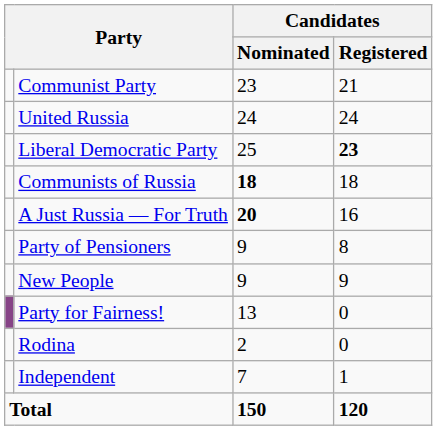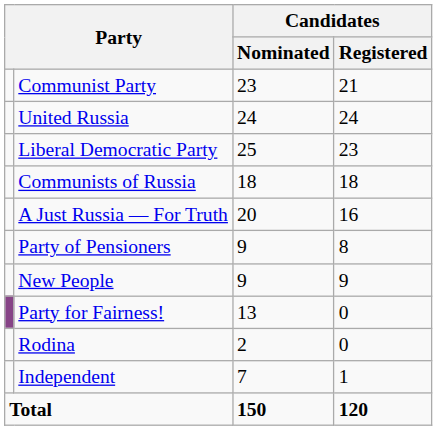 <table class="wikitable sortable" style="background: #f9f9f9; text-align:left; font-size: 95%">
 <tr>
 <th align=center rowspan=2 colspan=2>Party</th>
 <th align=center colspan=2>Candidates</th>
 </tr>
 <tr>
 <th align=center>Nominated</th>
 <th align=center>Registered</th>
 </tr>
 <tr>
 <td></td>
 <td><a href='#'>Communist Party</a></td>
 <td>23</td>
 <td>21</td>
 </tr>
 <tr>
 <td></td>
 <td><a href='#'>United Russia</a></td>
 <td>24</td>
 <td>24</td>
 </tr>
 <tr>
 <td></td>
 <td><a href='#'>Liberal Democratic Party</a></td>
 <td>25</td>
-<td><strong>23</strong></td>
+<td>23</td>
 </tr>
 <tr>
 <td></td>
 <td><a href='#'>Communists of Russia</a></td>
-<td><strong>18</strong></td>
+<td>18</td>
 <td>18</td>
 </tr>
 <tr>
 <td></td>
 <td><a href='#'>A Just Russia — For Truth</a></td>
-<td><strong>20</strong></td>
+<td>20</td>
 <td>16</td>
 </tr>
 <tr>
 <td></td>
 <td><a href='#'>Party of Pensioners</a></td>
 <td>9</td>
 <td>8</td>
 </tr>
 <tr>
 <td></td>
 <td><a href='#'>New People</a></td>
 <td>9</td>
 <td>9</td>
 </tr>
 <tr>
 <td bgcolor="#864386"></td>
 <td><a href='#'>Party for Fairness!</a></td>
 <td>13</td>
 <td>0</td>
 </tr>
 <tr>
 <td></td>
 <td><a href='#'>Rodina</a></td>
 <td>2</td>
 <td>0</td>
 </tr>
 <tr>
 <td></td>
 <td><a href='#'>Independent</a></td>
 <td>7</td>
 <td>1</td>
 </tr>
 <tr>
 <td colspan=2><strong>Total</strong></td>
 <td><strong>150</strong></td>
 <td><strong>120</strong></td>
 </tr>
 </table>
